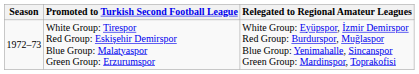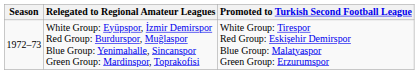 <table class="wikitable">
 <tr>
 <th>Season</th>
+<th>Relegated to Regional Amateur Leagues</th>
 <th>Promoted to <a href='#'>Turkish Second Football League</a></th>
-<th>Relegated to Regional Amateur Leagues</th>
 </tr>
 <tr>
 <td>1972–73</td>
+<td>White Group: <a href='#'>Eyüpspor</a>, <a href='#'>İzmir Demirspor</a><br>Red Group: <a href='#'>Burdurspor</a>, <a href='#'>Muğlaspor</a><br>Blue Group: <a href='#'>Yenimahalle</a>, <a href='#'>Sincanspor</a><br>Green Group: <a href='#'>Mardinspor</a>, <a href='#'>Toprakofisi</a></td>
 <td>White Group: <a href='#'>Tirespor</a><br>Red Group: <a href='#'>Eskişehir Demirspor</a><br>Blue Group: <a href='#'>Malatyaspor</a><br>Green Group: <a href='#'>Erzurumspor</a></td>
-<td>White Group: <a href='#'>Eyüpspor</a>, <a href='#'>İzmir Demirspor</a><br>Red Group: <a href='#'>Burdurspor</a>, <a href='#'>Muğlaspor</a><br>Blue Group: <a href='#'>Yenimahalle</a>, <a href='#'>Sincanspor</a><br>Green Group: <a href='#'>Mardinspor</a>, <a href='#'>Toprakofisi</a></td>
 </tr>
 </table>
